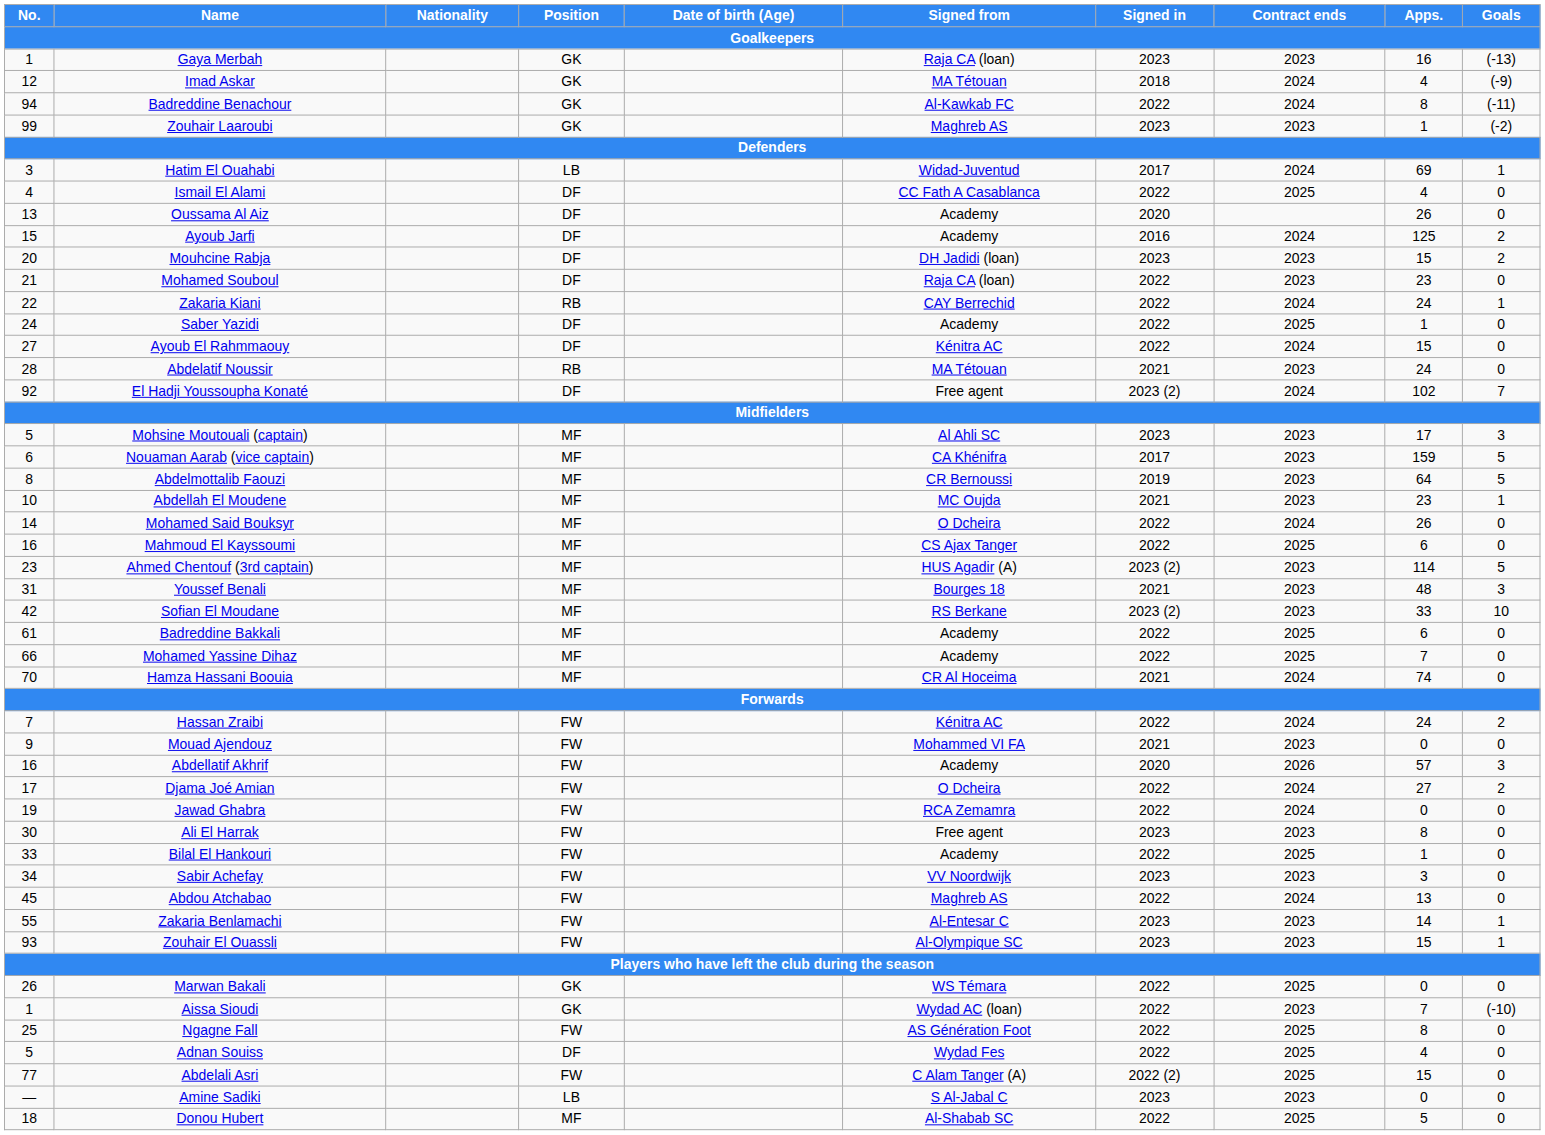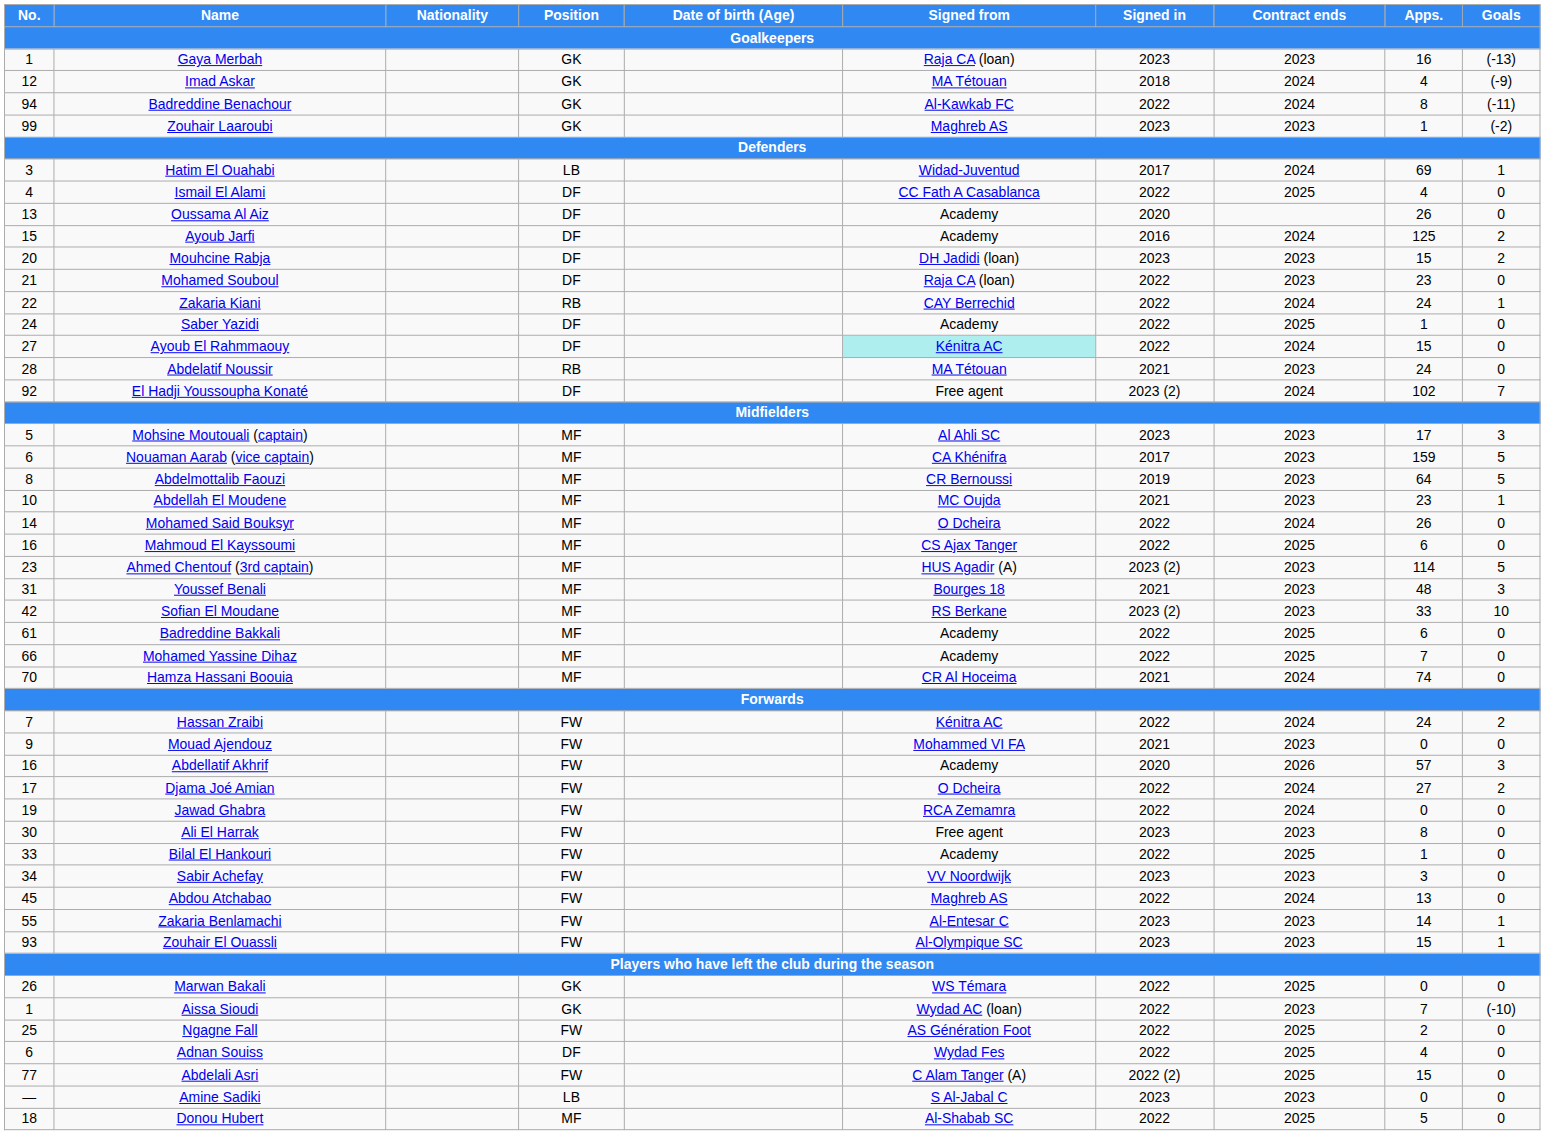 <table class="wikitable sortable"  style="text-align:center; font-size:90%; width:100%;">
 <tr>
 <th style="background:#3088f2; color:#ffffff; ">No.</th>
 <th style="background:#3088f2; color:#ffffff; ">Name</th>
 <th style="background:#3088f2; color:#ffffff; ">Nationality</th>
 <th style="background:#3088f2; color:#ffffff; ">Position</th>
 <th style="background:#3088f2; color:#ffffff; ">Date of birth (Age)</th>
 <th style="background:#3088f2; color:#ffffff; ">Signed from</th>
 <th style="background:#3088f2; color:#ffffff; ">Signed in</th>
 <th style="background:#3088f2; color:#ffffff; ">Contract ends</th>
 <th style="background:#3088f2; color:#ffffff; ">Apps.</th>
 <th style="background:#3088f2; color:#ffffff; ">Goals</th>
 </tr>
 <tr>
 <th colspan="11" style="background:#3088f2; color:#ffffff; ">Goalkeepers</th>
 </tr>
 <tr>
 <td>1</td>
 <td><a href='#'>Gaya Merbah</a></td>
 <td></td>
 <td>GK</td>
 <td></td>
 <td><a href='#'>Raja CA</a> (loan)</td>
 <td>2023</td>
 <td>2023</td>
 <td>16</td>
 <td>(-13)</td>
 </tr>
 <tr>
 <td>12</td>
 <td><a href='#'>Imad Askar</a></td>
 <td></td>
 <td>GK</td>
 <td></td>
 <td><a href='#'>MA Tétouan</a></td>
 <td>2018</td>
 <td>2024</td>
 <td>4</td>
 <td>(-9)</td>
 </tr>
 <tr>
 <td>94</td>
 <td><a href='#'>Badreddine Benachour</a></td>
 <td></td>
 <td>GK</td>
 <td></td>
 <td><a href='#'>Al-Kawkab FC</a></td>
 <td>2022</td>
 <td>2024</td>
 <td>8</td>
 <td>(-11)</td>
 </tr>
 <tr>
 <td>99</td>
 <td><a href='#'>Zouhair Laaroubi</a></td>
 <td></td>
 <td>GK</td>
 <td></td>
 <td><a href='#'>Maghreb AS</a></td>
 <td>2023</td>
 <td>2023</td>
 <td>1</td>
 <td>(-2)</td>
 </tr>
 <tr>
 <th colspan="11" style="background:#3088f2; color:#ffffff; ">Defenders</th>
 </tr>
 <tr>
 <td>3</td>
 <td><a href='#'>Hatim El Ouahabi</a></td>
 <td></td>
 <td>LB</td>
 <td></td>
 <td><a href='#'>Widad-Juventud</a></td>
 <td>2017</td>
 <td>2024</td>
 <td>69</td>
 <td>1</td>
 </tr>
 <tr>
 <td>4</td>
 <td><a href='#'>Ismail El Alami</a></td>
 <td></td>
 <td>DF</td>
 <td></td>
 <td><a href='#'>CC Fath A Casablanca</a></td>
 <td>2022</td>
 <td>2025</td>
 <td>4</td>
 <td>0</td>
 </tr>
 <tr>
 <td>13</td>
 <td><a href='#'>Oussama Al Aiz</a></td>
 <td></td>
 <td>DF</td>
 <td></td>
 <td>Academy</td>
 <td>2020</td>
 <td></td>
 <td>26</td>
 <td>0</td>
 </tr>
 <tr>
 <td>15</td>
 <td><a href='#'>Ayoub Jarfi</a></td>
 <td></td>
 <td>DF</td>
 <td></td>
 <td>Academy</td>
 <td>2016</td>
 <td>2024</td>
 <td>125</td>
 <td>2</td>
 </tr>
 <tr>
 <td>20</td>
 <td><a href='#'>Mouhcine Rabja</a></td>
 <td></td>
 <td>DF</td>
 <td></td>
 <td><a href='#'>DH Jadidi</a> (loan)</td>
 <td>2023</td>
 <td>2023</td>
 <td>15</td>
 <td>2</td>
 </tr>
 <tr>
 <td>21</td>
 <td><a href='#'>Mohamed Souboul</a></td>
 <td></td>
 <td>DF</td>
 <td></td>
 <td><a href='#'>Raja CA</a> (loan)</td>
 <td>2022</td>
 <td>2023</td>
 <td>23</td>
 <td>0</td>
 </tr>
 <tr>
 <td>22</td>
 <td><a href='#'>Zakaria Kiani</a></td>
 <td></td>
 <td>RB</td>
 <td></td>
 <td><a href='#'>CAY Berrechid</a></td>
 <td>2022</td>
 <td>2024</td>
 <td>24</td>
 <td>1</td>
 </tr>
 <tr>
 <td>24</td>
 <td><a href='#'>Saber Yazidi</a></td>
 <td></td>
 <td>DF</td>
 <td></td>
 <td>Academy</td>
 <td>2022</td>
 <td>2025</td>
 <td>1</td>
 <td>0</td>
 </tr>
 <tr>
 <td>27</td>
 <td><a href='#'>Ayoub El Rahmmaouy</a></td>
 <td></td>
 <td>DF</td>
 <td></td>
-<td><a href='#'>Kénitra AC</a></td>
+<td style="background: paleturquoise;"><a href='#'>Kénitra AC</a></td>
 <td>2022</td>
 <td>2024</td>
 <td>15</td>
 <td>0</td>
 </tr>
 <tr>
 <td>28</td>
 <td><a href='#'>Abdelatif Noussir</a></td>
 <td></td>
 <td>RB</td>
 <td></td>
 <td><a href='#'>MA Tétouan</a></td>
 <td>2021</td>
 <td>2023</td>
 <td>24</td>
 <td>0</td>
 </tr>
 <tr>
 <td>92</td>
 <td><a href='#'>El Hadji Youssoupha Konaté</a></td>
 <td></td>
 <td>DF</td>
 <td></td>
 <td>Free agent</td>
 <td>2023 (2)</td>
 <td>2024</td>
 <td>102</td>
 <td>7</td>
 </tr>
 <tr>
 <th colspan="11" style="background:#3088f2; color:#ffffff; ">Midfielders</th>
 </tr>
 <tr>
 <td>5</td>
 <td><a href='#'>Mohsine Moutouali</a> (<a href='#'>captain</a>)</td>
 <td></td>
 <td>MF</td>
 <td></td>
 <td><a href='#'>Al Ahli SC</a></td>
 <td>2023</td>
 <td>2023</td>
 <td>17</td>
 <td>3</td>
 </tr>
 <tr>
 <td>6</td>
 <td><a href='#'>Nouaman Aarab</a> (<a href='#'>vice captain</a>)</td>
 <td></td>
 <td>MF</td>
 <td></td>
 <td><a href='#'>CA Khénifra</a></td>
 <td>2017</td>
 <td>2023</td>
 <td>159</td>
 <td>5</td>
 </tr>
 <tr>
 <td>8</td>
 <td><a href='#'>Abdelmottalib Faouzi</a></td>
 <td></td>
 <td>MF</td>
 <td></td>
 <td><a href='#'>CR Bernoussi</a></td>
 <td>2019</td>
 <td>2023</td>
 <td>64</td>
 <td>5</td>
 </tr>
 <tr>
 <td>10</td>
 <td><a href='#'>Abdellah El Moudene</a></td>
 <td></td>
 <td>MF</td>
 <td></td>
 <td><a href='#'>MC Oujda</a></td>
 <td>2021</td>
 <td>2023</td>
 <td>23</td>
 <td>1</td>
 </tr>
 <tr>
 <td>14</td>
 <td><a href='#'>Mohamed Said Bouksyr</a></td>
 <td></td>
 <td>MF</td>
 <td></td>
 <td><a href='#'>O Dcheira</a></td>
 <td>2022</td>
 <td>2024</td>
 <td>26</td>
 <td>0</td>
 </tr>
 <tr>
 <td>16</td>
 <td><a href='#'>Mahmoud El Kayssoumi</a></td>
 <td></td>
 <td>MF</td>
 <td></td>
 <td><a href='#'>CS Ajax Tanger</a></td>
 <td>2022</td>
 <td>2025</td>
 <td>6</td>
 <td>0</td>
 </tr>
 <tr>
 <td>23</td>
 <td><a href='#'>Ahmed Chentouf</a> (<a href='#'>3rd captain</a>)</td>
 <td></td>
 <td>MF</td>
 <td></td>
 <td><a href='#'>HUS Agadir</a> (A)</td>
 <td>2023 (2)</td>
 <td>2023</td>
 <td>114</td>
 <td>5</td>
 </tr>
 <tr>
 <td>31</td>
 <td><a href='#'>Youssef Benali</a></td>
 <td></td>
 <td>MF</td>
 <td></td>
 <td><a href='#'>Bourges 18</a></td>
 <td>2021</td>
 <td>2023</td>
 <td>48</td>
 <td>3</td>
 </tr>
 <tr>
 <td>42</td>
 <td><a href='#'>Sofian El Moudane</a></td>
 <td></td>
 <td>MF</td>
 <td></td>
 <td><a href='#'>RS Berkane</a></td>
 <td>2023 (2)</td>
 <td>2023</td>
 <td>33</td>
 <td>10</td>
 </tr>
 <tr>
 <td>61</td>
 <td><a href='#'>Badreddine Bakkali</a></td>
 <td></td>
 <td>MF</td>
 <td></td>
 <td>Academy</td>
 <td>2022</td>
 <td>2025</td>
 <td>6</td>
 <td>0</td>
 </tr>
 <tr>
 <td>66</td>
 <td><a href='#'>Mohamed Yassine Dihaz</a></td>
 <td></td>
 <td>MF</td>
 <td></td>
 <td>Academy</td>
 <td>2022</td>
 <td>2025</td>
 <td>7</td>
 <td>0</td>
 </tr>
 <tr>
 <td>70</td>
 <td><a href='#'>Hamza Hassani Boouia</a></td>
 <td></td>
 <td>MF</td>
 <td></td>
 <td><a href='#'>CR Al Hoceima</a></td>
 <td>2021</td>
 <td>2024</td>
 <td>74</td>
 <td>0</td>
 </tr>
 <tr>
 <th colspan="11" style="background:#3088f2; color:#ffffff; ">Forwards</th>
 </tr>
 <tr>
 <td>7</td>
 <td><a href='#'>Hassan Zraibi</a></td>
 <td></td>
 <td>FW</td>
 <td></td>
 <td><a href='#'>Kénitra AC</a></td>
 <td>2022</td>
 <td>2024</td>
 <td>24</td>
 <td>2</td>
 </tr>
 <tr>
 <td>9</td>
 <td><a href='#'>Mouad Ajendouz</a></td>
 <td></td>
 <td>FW</td>
 <td></td>
 <td><a href='#'>Mohammed VI FA</a></td>
 <td>2021</td>
 <td>2023</td>
 <td>0</td>
 <td>0</td>
 </tr>
 <tr>
 <td>16</td>
 <td><a href='#'>Abdellatif Akhrif</a></td>
 <td></td>
 <td>FW</td>
 <td></td>
 <td>Academy</td>
 <td>2020</td>
 <td>2026</td>
 <td>57</td>
 <td>3</td>
 </tr>
 <tr>
 <td>17</td>
 <td><a href='#'>Djama Joé Amian</a></td>
 <td></td>
 <td>FW</td>
 <td></td>
 <td><a href='#'>O Dcheira</a></td>
 <td>2022</td>
 <td>2024</td>
 <td>27</td>
 <td>2</td>
 </tr>
 <tr>
 <td>19</td>
 <td><a href='#'>Jawad Ghabra</a></td>
 <td></td>
 <td>FW</td>
 <td></td>
 <td><a href='#'>RCA Zemamra</a></td>
 <td>2022</td>
 <td>2024</td>
 <td>0</td>
 <td>0</td>
 </tr>
 <tr>
 <td>30</td>
 <td><a href='#'>Ali El Harrak</a></td>
 <td></td>
 <td>FW</td>
 <td></td>
 <td>Free agent</td>
 <td>2023</td>
 <td>2023</td>
 <td>8</td>
 <td>0</td>
 </tr>
 <tr>
 <td>33</td>
 <td><a href='#'>Bilal El Hankouri</a></td>
 <td></td>
 <td>FW</td>
 <td></td>
 <td>Academy</td>
 <td>2022</td>
 <td>2025</td>
 <td>1</td>
 <td>0</td>
 </tr>
 <tr>
 <td>34</td>
 <td><a href='#'>Sabir Achefay</a></td>
 <td></td>
 <td>FW</td>
 <td></td>
 <td><a href='#'>VV Noordwijk</a></td>
 <td>2023</td>
 <td>2023</td>
 <td>3</td>
 <td>0</td>
 </tr>
 <tr>
 <td>45</td>
 <td><a href='#'>Abdou Atchabao</a></td>
 <td></td>
 <td>FW</td>
 <td></td>
 <td><a href='#'>Maghreb AS</a></td>
 <td>2022</td>
 <td>2024</td>
 <td>13</td>
 <td>0</td>
 </tr>
 <tr>
 <td>55</td>
 <td><a href='#'>Zakaria Benlamachi</a></td>
 <td></td>
 <td>FW</td>
 <td></td>
 <td><a href='#'>Al-Entesar C</a></td>
 <td>2023</td>
 <td>2023</td>
 <td>14</td>
 <td>1</td>
 </tr>
 <tr>
 <td>93</td>
 <td><a href='#'>Zouhair El Ouassli</a></td>
 <td></td>
 <td>FW</td>
 <td></td>
 <td><a href='#'>Al-Olympique SC</a></td>
 <td>2023</td>
 <td>2023</td>
 <td>15</td>
 <td>1</td>
 </tr>
 <tr>
 <th colspan="11" style="background:#3088f2; color:#ffffff; ">Players who have left the club during the season</th>
 </tr>
 <tr>
 <td>26</td>
 <td><a href='#'>Marwan Bakali</a></td>
 <td></td>
 <td>GK</td>
 <td></td>
 <td><a href='#'>WS Témara</a></td>
 <td>2022</td>
 <td>2025</td>
 <td>0</td>
 <td>0</td>
 </tr>
 <tr>
 <td>1</td>
 <td><a href='#'>Aissa Sioudi</a></td>
 <td></td>
 <td>GK</td>
 <td></td>
 <td><a href='#'>Wydad AC</a> (loan)</td>
 <td>2022</td>
 <td>2023</td>
 <td>7</td>
 <td>(-10)</td>
 </tr>
 <tr>
 <td>25</td>
 <td><a href='#'>Ngagne Fall</a></td>
 <td></td>
 <td>FW</td>
 <td></td>
 <td><a href='#'>AS Génération Foot</a></td>
 <td>2022</td>
 <td>2025</td>
-<td>8</td>
+<td>2</td>
 <td>0</td>
 </tr>
 <tr>
-<td>5</td>
+<td>6</td>
 <td><a href='#'>Adnan Souiss</a></td>
 <td></td>
 <td>DF</td>
 <td></td>
 <td><a href='#'>Wydad Fes</a></td>
 <td>2022</td>
 <td>2025</td>
 <td>4</td>
 <td>0</td>
 </tr>
 <tr>
 <td>77</td>
 <td><a href='#'>Abdelali Asri</a></td>
 <td></td>
 <td>FW</td>
 <td></td>
 <td><a href='#'>C Alam Tanger</a> (A)</td>
 <td>2022 (2)</td>
 <td>2025</td>
 <td>15</td>
 <td>0</td>
 </tr>
 <tr>
 <td>—</td>
 <td><a href='#'>Amine Sadiki</a></td>
 <td></td>
 <td>LB</td>
 <td></td>
 <td><a href='#'>S Al-Jabal C</a></td>
 <td>2023</td>
 <td>2023</td>
 <td>0</td>
 <td>0</td>
 </tr>
 <tr>
 <td>18</td>
 <td><a href='#'>Donou Hubert</a></td>
 <td></td>
 <td>MF</td>
 <td></td>
 <td><a href='#'>Al-Shabab SC</a></td>
 <td>2022</td>
 <td>2025</td>
 <td>5</td>
 <td>0</td>
 </tr>
 </table>
